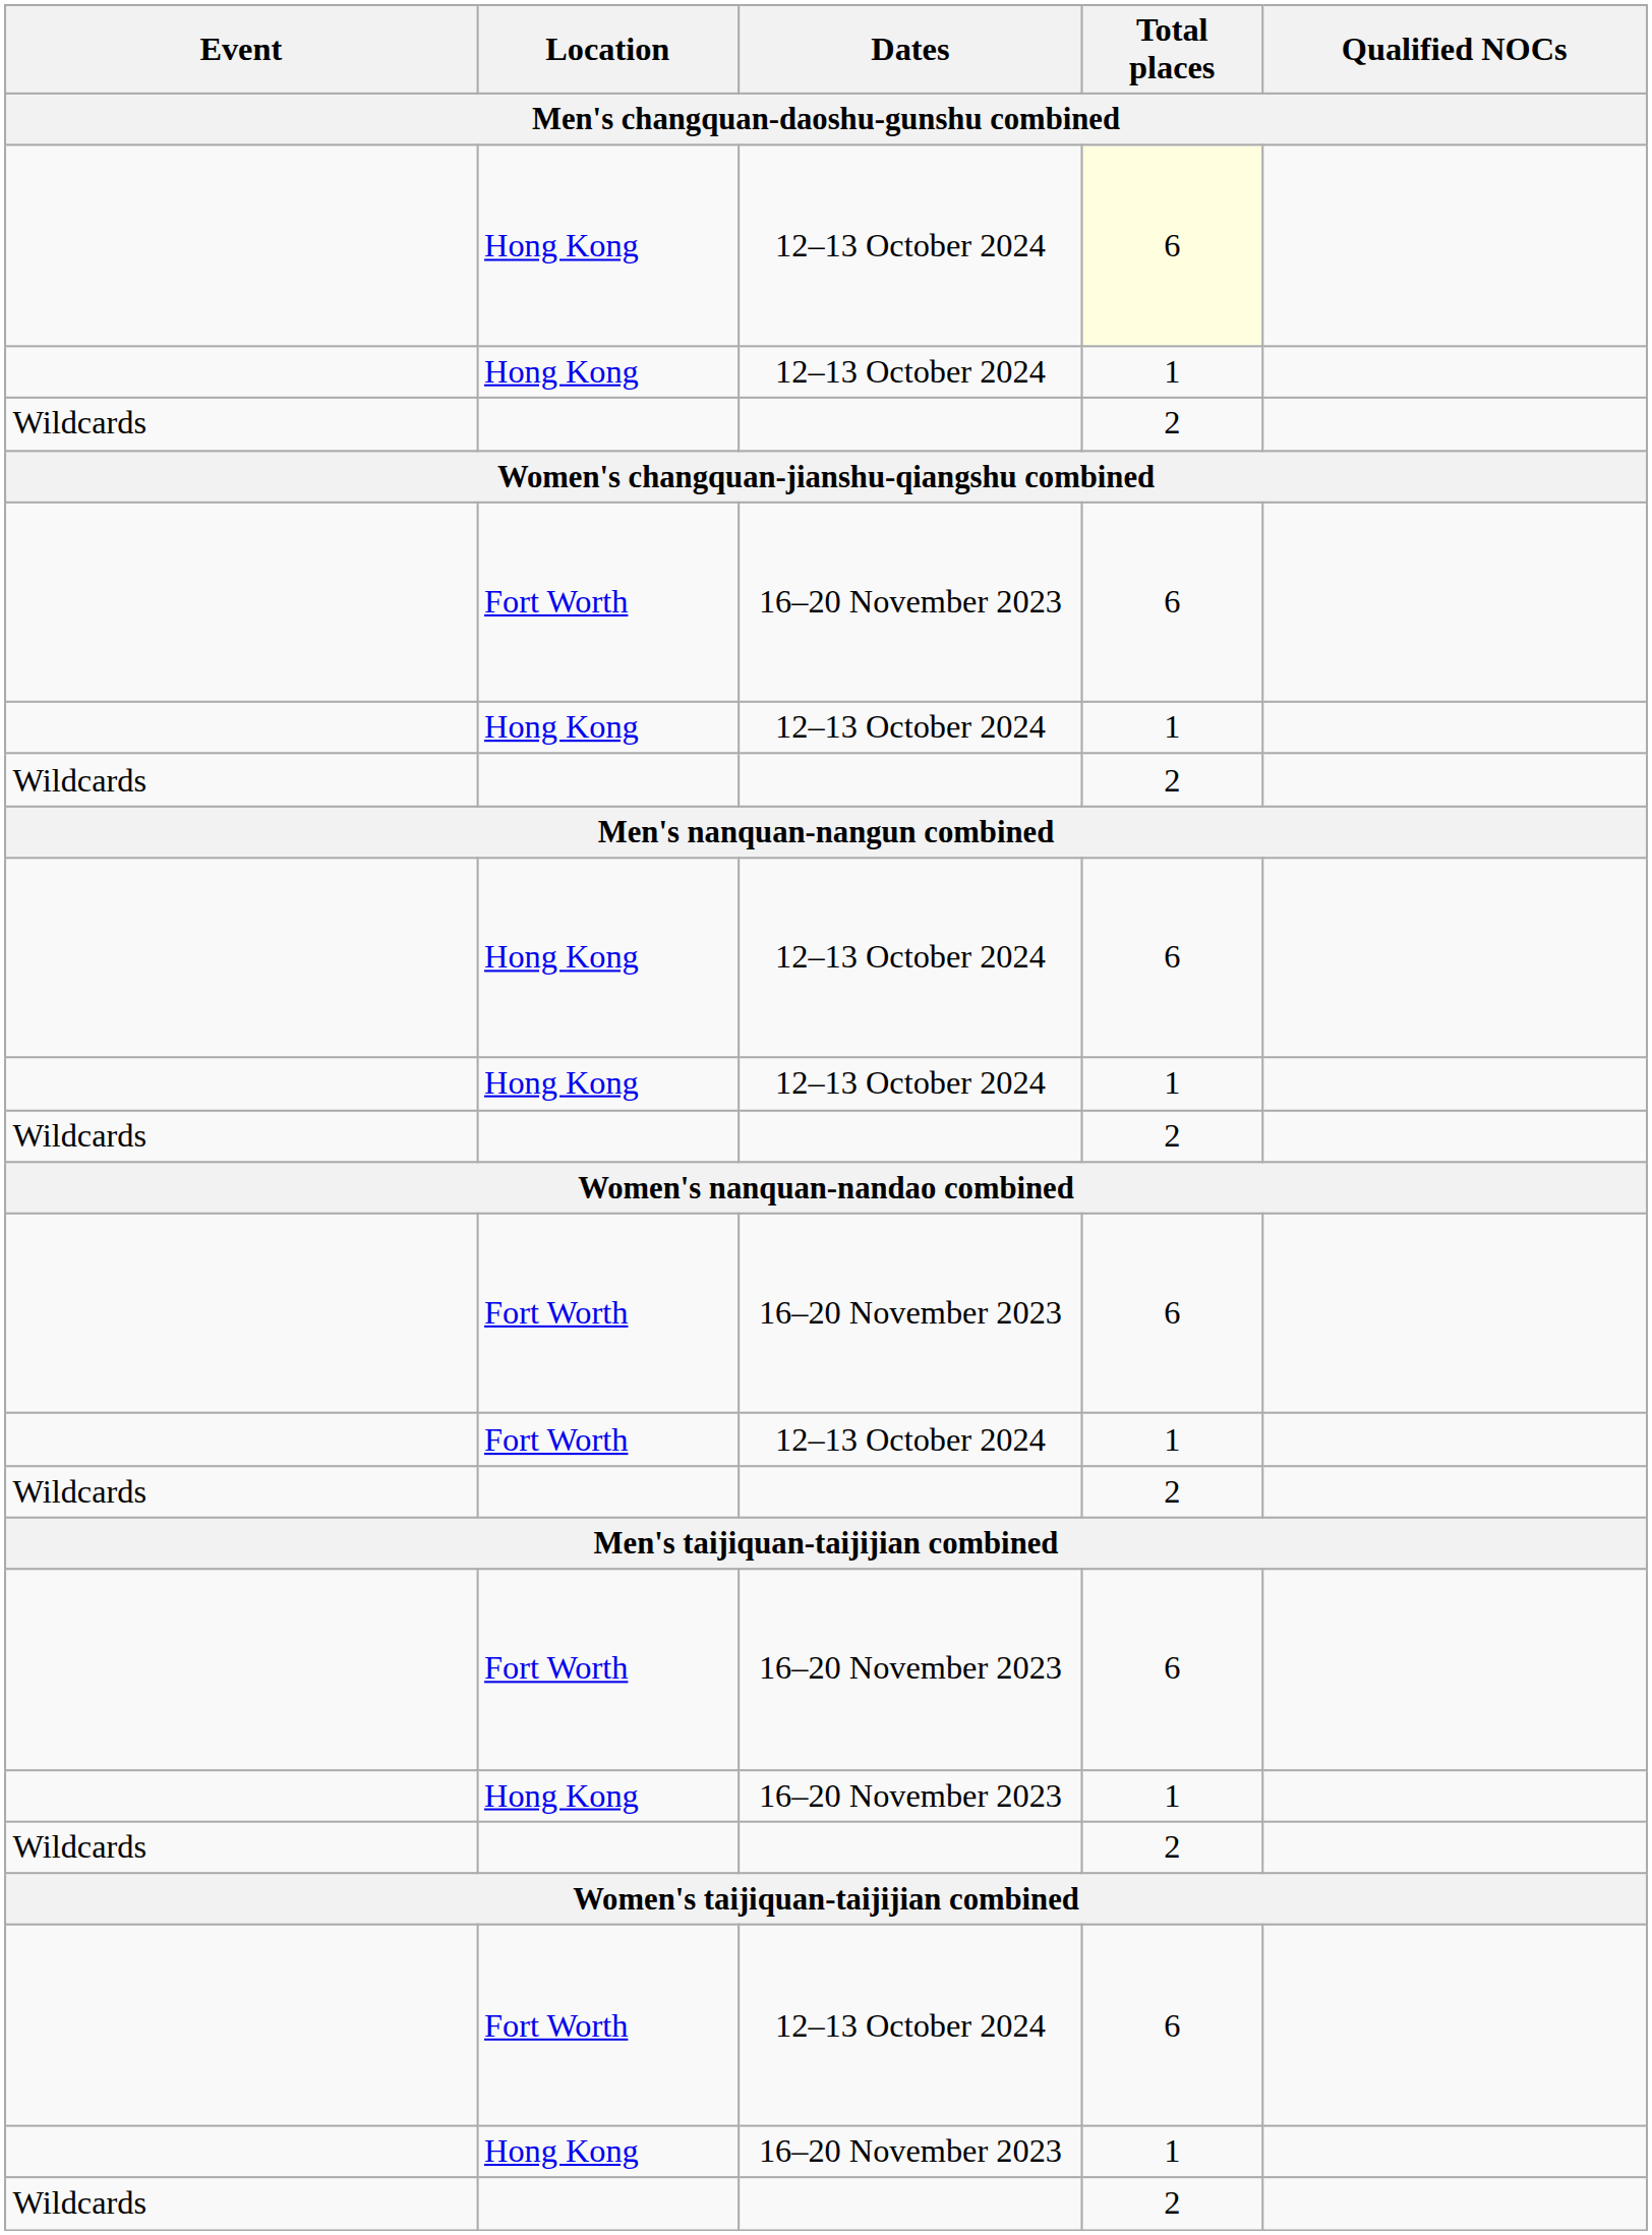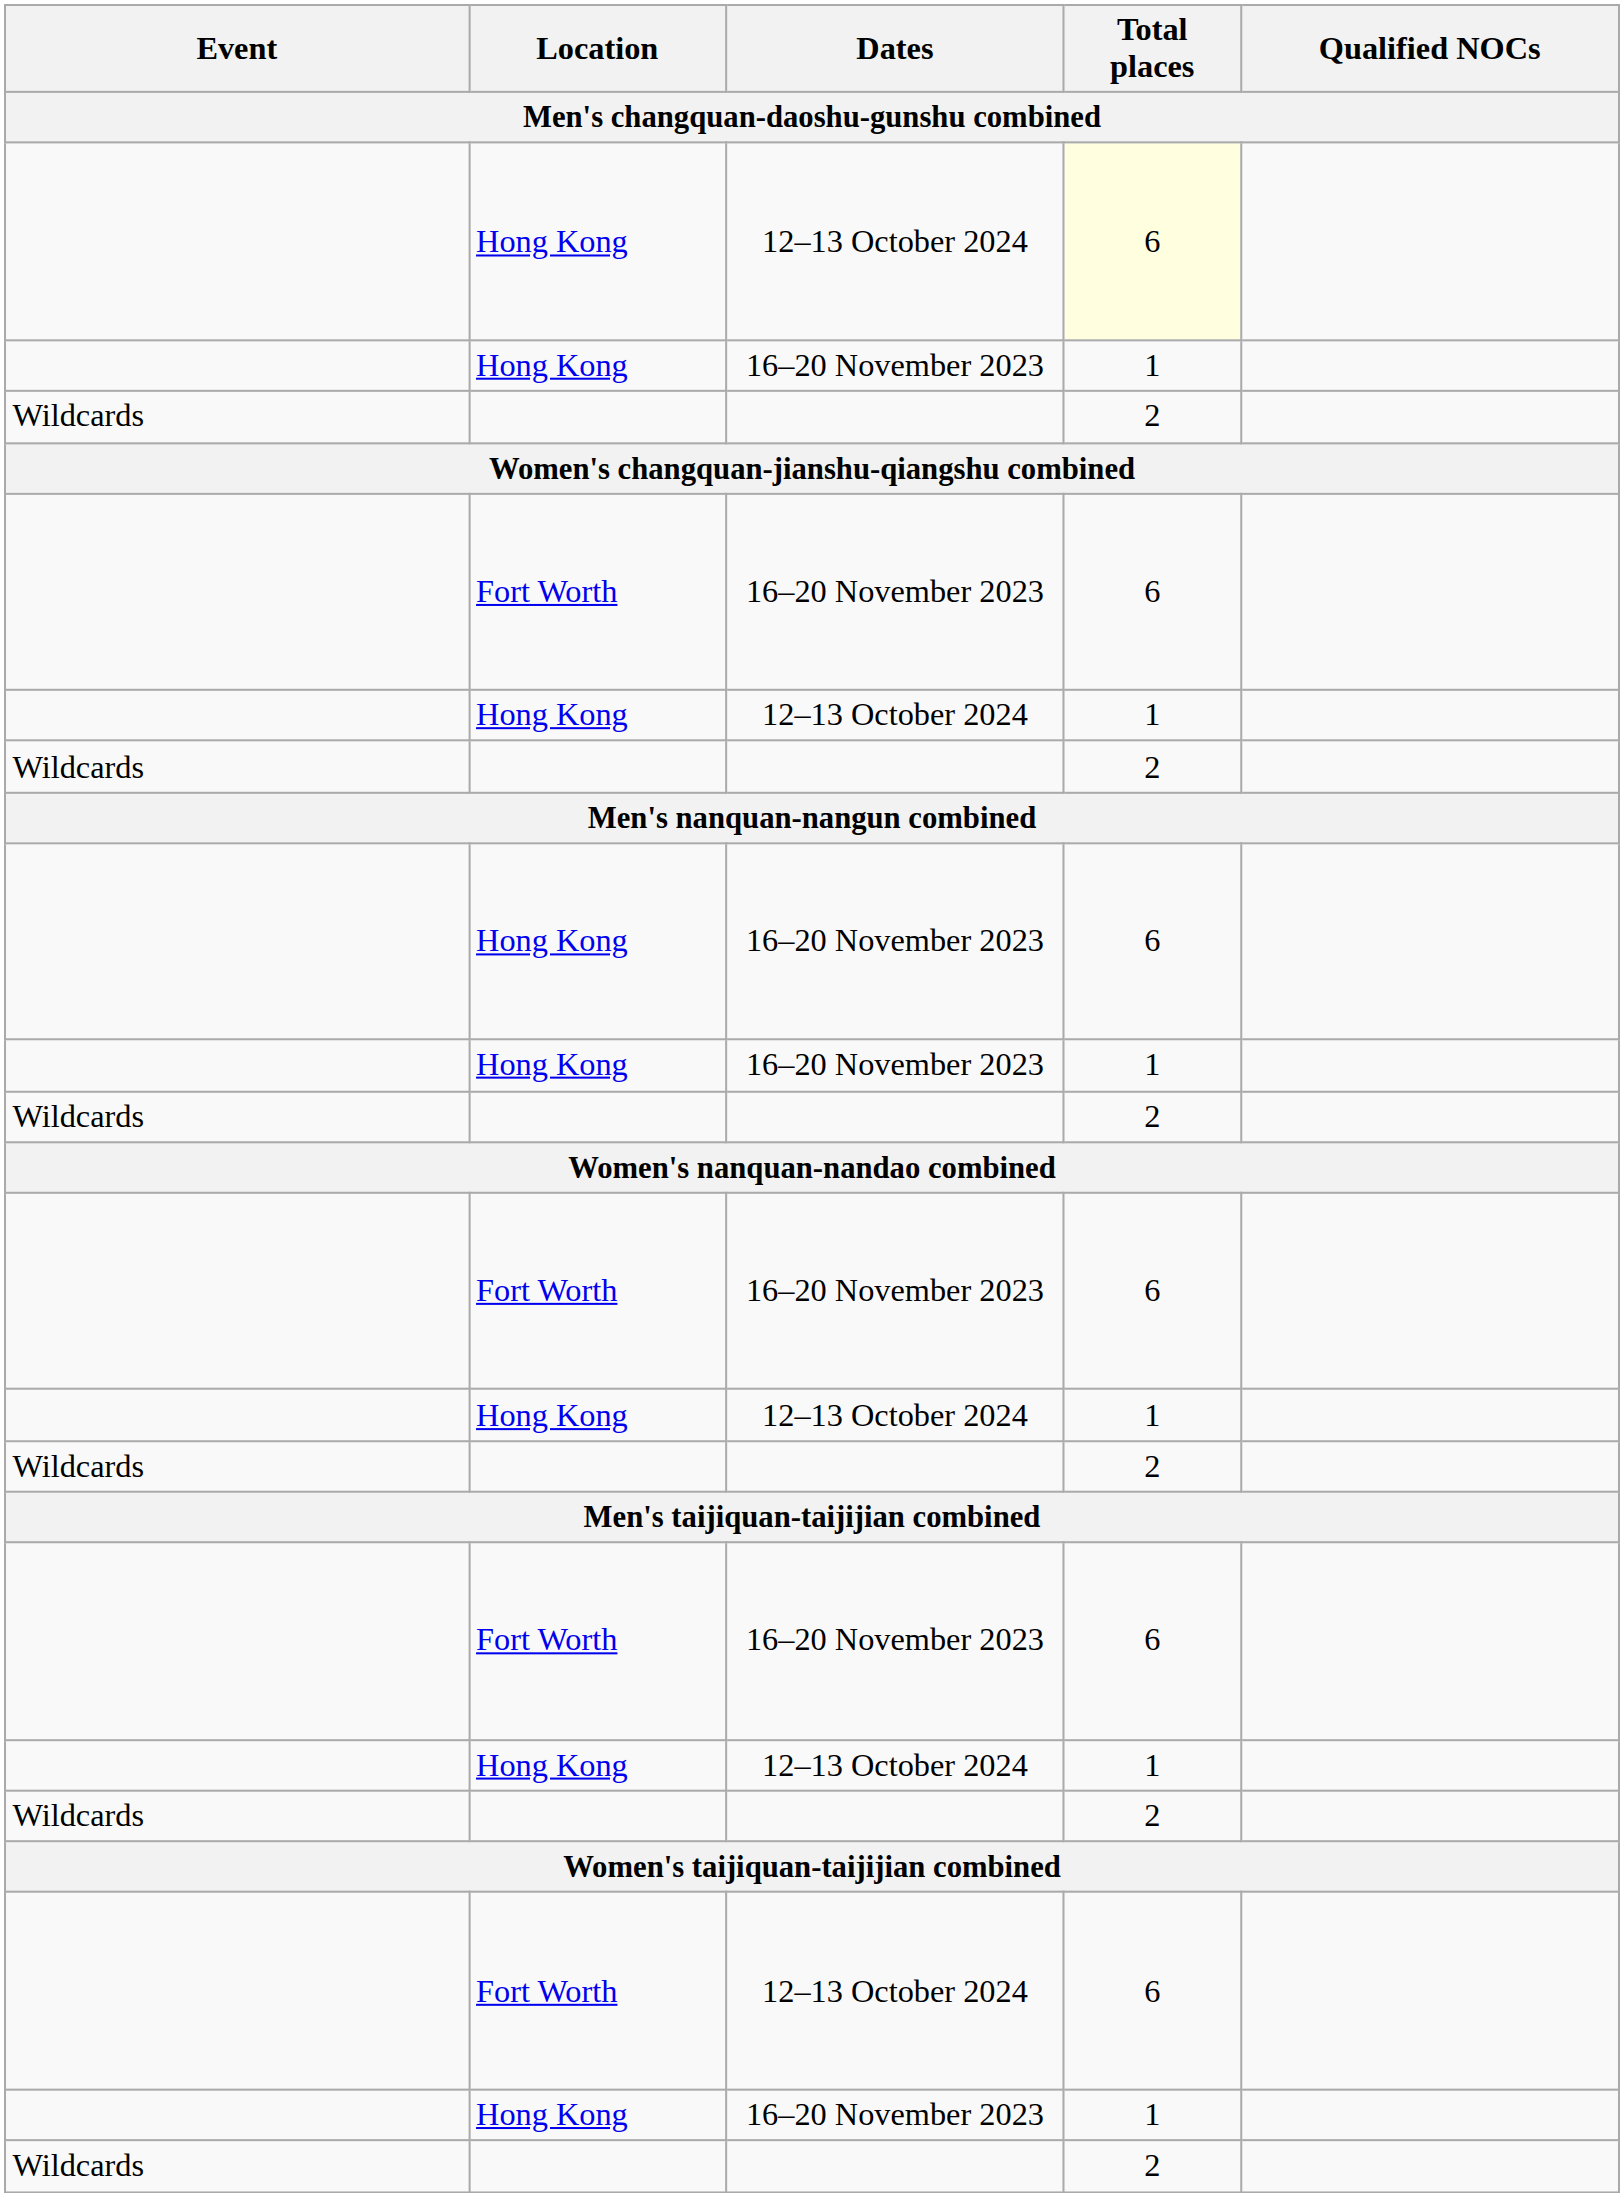 <table class="wikitable" width=800>
 <tr>
 <th>Event</th>
 <th width=120>Location</th>
 <th width=160>Dates</th>
 <th width=80>Total places</th>
 <th width=180>Qualified NOCs</th>
 </tr>
 <tr style="font-size:95%;">
 <th colspan=5>Men's changquan-daoshu-gunshu combined</th>
 </tr>
 <tr>
 <td></td>
 <td> <a href='#'>Hong Kong</a></td>
 <td align="center">12–13 October 2024</td>
 <td align="center" style="background: lightyellow;">6</td>
 <td><br><br><br><br><br></td>
 </tr>
 <tr>
 <td></td>
 <td> <a href='#'>Hong Kong</a></td>
-<td align="center">12–13 October 2024</td>
+<td align="center">16–20 November 2023</td>
 <td align="center">1</td>
 <td></td>
 </tr>
 <tr>
 <td>Wildcards</td>
 <td></td>
 <td></td>
 <td align="center">2</td>
 <td><br></td>
 </tr>
 <tr style="font-size:95%;">
 <th colspan=5>Women's changquan-jianshu-qiangshu combined</th>
 </tr>
 <tr>
 <td></td>
 <td> <a href='#'>Fort Worth</a></td>
 <td align="center">16–20 November 2023</td>
 <td align="center">6</td>
 <td><br><br><br><br><br></td>
 </tr>
 <tr>
 <td></td>
 <td> <a href='#'>Hong Kong</a></td>
 <td align="center">12–13 October 2024</td>
 <td align="center">1</td>
 <td></td>
 </tr>
 <tr>
 <td>Wildcards</td>
 <td></td>
 <td></td>
 <td align="center">2</td>
 <td><br></td>
 </tr>
 <tr style="font-size:95%;">
 <th colspan=5>Men's nanquan-nangun combined</th>
 </tr>
 <tr>
 <td></td>
 <td> <a href='#'>Hong Kong</a></td>
-<td align="center">12–13 October 2024</td>
+<td align="center">16–20 November 2023</td>
 <td align="center">6</td>
 <td><br><br><br><br><br></td>
 </tr>
 <tr>
 <td></td>
 <td> <a href='#'>Hong Kong</a></td>
-<td align="center">12–13 October 2024</td>
+<td align="center">16–20 November 2023</td>
 <td align="center">1</td>
 <td></td>
 </tr>
 <tr>
 <td>Wildcards</td>
 <td></td>
 <td></td>
 <td align="center">2</td>
 <td><br></td>
 </tr>
 <tr style="font-size:95%;">
 <th colspan=5>Women's nanquan-nandao combined</th>
 </tr>
 <tr>
 <td></td>
 <td> <a href='#'>Fort Worth</a></td>
 <td align="center">16–20 November 2023</td>
 <td align="center">6</td>
 <td><br><br><br><br><br></td>
 </tr>
 <tr>
 <td></td>
-<td> <a href='#'>Fort Worth</a></td>
+<td> <a href='#'>Hong Kong</a></td>
 <td align="center">12–13 October 2024</td>
 <td align="center">1</td>
 <td></td>
 </tr>
 <tr>
 <td>Wildcards</td>
 <td></td>
 <td></td>
 <td align="center">2</td>
 <td><br></td>
 </tr>
 <tr style="font-size:95%;">
 <th colspan=5>Men's taijiquan-taijijian combined</th>
 </tr>
 <tr>
 <td></td>
 <td> <a href='#'>Fort Worth</a></td>
 <td align="center">16–20 November 2023</td>
 <td align="center">6</td>
 <td><br><br><br><br><br></td>
 </tr>
 <tr>
 <td></td>
 <td> <a href='#'>Hong Kong</a></td>
-<td align="center">16–20 November 2023</td>
+<td align="center">12–13 October 2024</td>
 <td align="center">1</td>
 <td></td>
 </tr>
 <tr>
 <td>Wildcards</td>
 <td></td>
 <td></td>
 <td align="center">2</td>
 <td><br></td>
 </tr>
 <tr style="font-size:95%;">
 <th colspan=5>Women's taijiquan-taijijian combined</th>
 </tr>
 <tr>
 <td></td>
 <td> <a href='#'>Fort Worth</a></td>
 <td align="center">12–13 October 2024</td>
 <td align="center">6</td>
 <td><br><br><br><br><br></td>
 </tr>
 <tr>
 <td></td>
 <td> <a href='#'>Hong Kong</a></td>
 <td align="center">16–20 November 2023</td>
 <td align="center">1</td>
 <td></td>
 </tr>
 <tr>
 <td>Wildcards</td>
 <td></td>
 <td></td>
 <td align="center">2</td>
 <td><br></td>
 </tr>
 <tr>
 </tr>
 </table>
